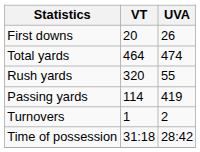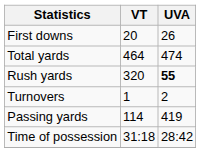 <table class="wikitable" style="float: left;">
 <tr>
 <th>Statistics</th>
 <th>VT</th>
 <th>UVA</th>
 </tr>
 <tr>
 <td>First downs</td>
 <td>20</td>
 <td>26</td>
 </tr>
 <tr>
 <td>Total yards</td>
 <td>464</td>
 <td>474</td>
 </tr>
 <tr>
 <td>Rush yards</td>
 <td>320</td>
-<td>55</td>
+<td><strong>55</strong></td>
+</tr>
+<tr>
+<td>Turnovers</td>
+<td>1</td>
+<td>2</td>
 </tr>
 <tr>
 <td>Passing yards</td>
 <td>114</td>
 <td>419</td>
-</tr>
-<tr>
-<td>Turnovers</td>
-<td>1</td>
-<td>2</td>
 </tr>
 <tr>
 <td>Time of possession</td>
 <td>31:18</td>
 <td>28:42</td>
 </tr>
 <tr>
 </tr>
 </table>
